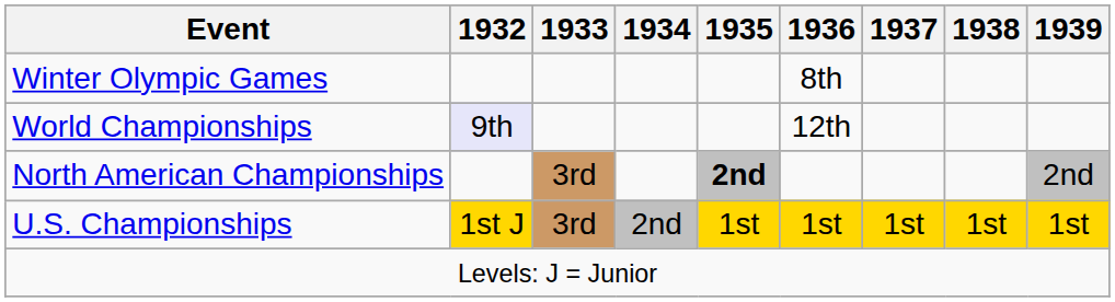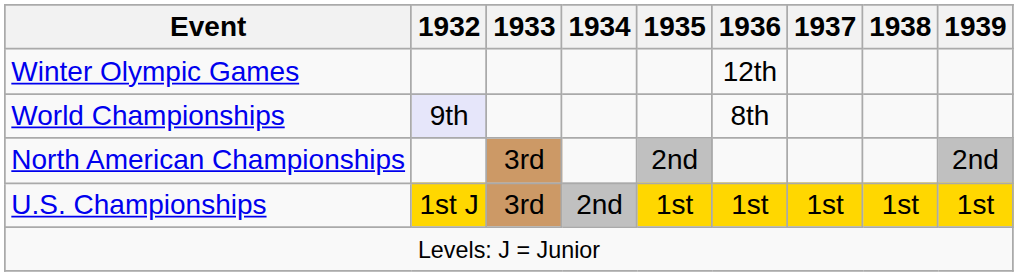 <table class="wikitable">
 <tr>
 <th>Event</th>
 <th>1932</th>
 <th>1933</th>
 <th>1934</th>
 <th>1935</th>
 <th>1936</th>
 <th>1937</th>
 <th>1938</th>
 <th>1939</th>
 </tr>
 <tr>
 <td><a href='#'>Winter Olympic Games</a></td>
 <td></td>
 <td></td>
 <td></td>
 <td></td>
-<td align="center">8th</td>
+<td align="center">12th</td>
 <td></td>
 <td></td>
 <td></td>
 </tr>
 <tr>
 <td><a href='#'>World Championships</a></td>
 <td align="center" style="background: lavender;">9th</td>
 <td></td>
 <td></td>
 <td></td>
-<td align="center">12th</td>
+<td align="center">8th</td>
 <td></td>
 <td></td>
 <td></td>
 </tr>
 <tr>
 <td><a href='#'>North American Championships</a></td>
 <td></td>
 <td align="center" bgcolor="#cc9966">3rd</td>
 <td></td>
-<td align="center" bgcolor="silver"><strong>2nd</strong></td>
+<td align="center" bgcolor="silver">2nd</td>
 <td></td>
 <td></td>
 <td></td>
 <td align="center" bgcolor="silver">2nd</td>
 </tr>
 <tr>
 <td><a href='#'>U.S. Championships</a></td>
 <td align="center" bgcolor="gold">1st J</td>
 <td align="center" bgcolor="#cc9966">3rd</td>
 <td align="center" bgcolor="silver">2nd</td>
 <td align="center" bgcolor="gold">1st</td>
 <td align="center" bgcolor="gold">1st</td>
 <td align="center" bgcolor="gold">1st</td>
 <td align="center" bgcolor="gold">1st</td>
 <td align="center" bgcolor="gold">1st</td>
 </tr>
 <tr>
 <td colspan=11 align=center><small> Levels: J = Junior </small></td>
 </tr>
 </table>
